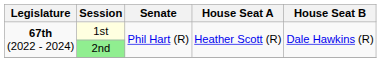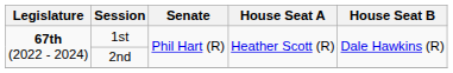 <table class=wikitable style="text-align:center">
 <tr>
 <th>Legislature</th>
 <th>Session</th>
 <th>Senate</th>
 <th>House Seat A</th>
 <th>House Seat B</th>
 </tr>
 <tr>
 <td rowspan="2"><strong>67th</strong> <br> (2022 - 2024)</td>
-<td style="background: lightyellow;">1st</td>
+<td>1st</td>
 <td rowspan="2" ><a href='#'>Phil Hart</a> (R)</td>
 <td rowspan="2" ><a href='#'>Heather Scott</a> (R)</td>
 <td rowspan="2" ><a href='#'>Dale Hawkins</a> (R)</td>
 </tr>
 <tr>
-<td style="background: lightgreen;">2nd</td>
+<td>2nd</td>
 </tr>
 <tr>
 </tr>
 </table>
